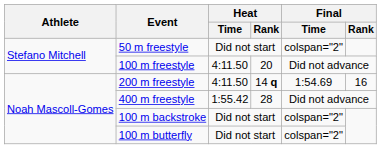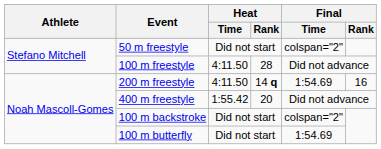 <table class=wikitable style=font-size:90%;text-align:center>
 <tr>
 <th rowspan=2>Athlete</th>
 <th rowspan=2>Event</th>
 <th colspan=2>Heat</th>
 <th colspan=2>Final</th>
 </tr>
 <tr style="font-size:95%">
 <th>Time</th>
 <th>Rank</th>
 <th>Time</th>
 <th>Rank</th>
 </tr>
 <tr>
 <td align=left rowspan=2><a href='#'>Stefano Mitchell</a></td>
 <td align=left><a href='#'>50 m freestyle</a></td>
 <td colspan="2">Did not start</td>
 <td>colspan="2" </td>
 </tr>
 <tr>
 <td align=left><a href='#'>100 m freestyle</a></td>
 <td>4:11.50</td>
-<td>20</td>
+<td>28</td>
 <td colspan="2">Did not advance</td>
 </tr>
 <tr>
 <td align=left rowspan=4><a href='#'>Noah Mascoll-Gomes</a></td>
 <td align=left><a href='#'>200 m freestyle</a></td>
 <td>4:11.50</td>
 <td>14 <strong>q</strong></td>
 <td>1:54.69</td>
 <td>16</td>
 </tr>
 <tr>
 <td align=left><a href='#'>400 m freestyle</a></td>
 <td>1:55.42</td>
-<td>28</td>
+<td>20</td>
 <td colspan=2>Did not advance</td>
 </tr>
 <tr>
 <td align=left><a href='#'>100 m backstroke</a></td>
 <td colspan="2">Did not start</td>
 <td>colspan="2" </td>
 </tr>
 <tr>
 <td align=left><a href='#'>100 m butterfly</a></td>
 <td colspan="2">Did not start</td>
-<td>colspan="2" </td>
+<td>1:54.69</td>
 </tr>
 </table>
